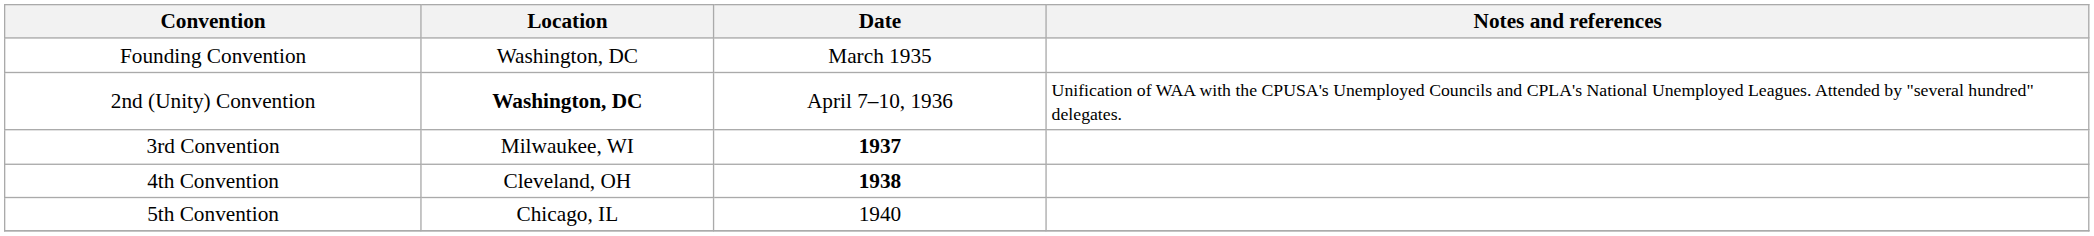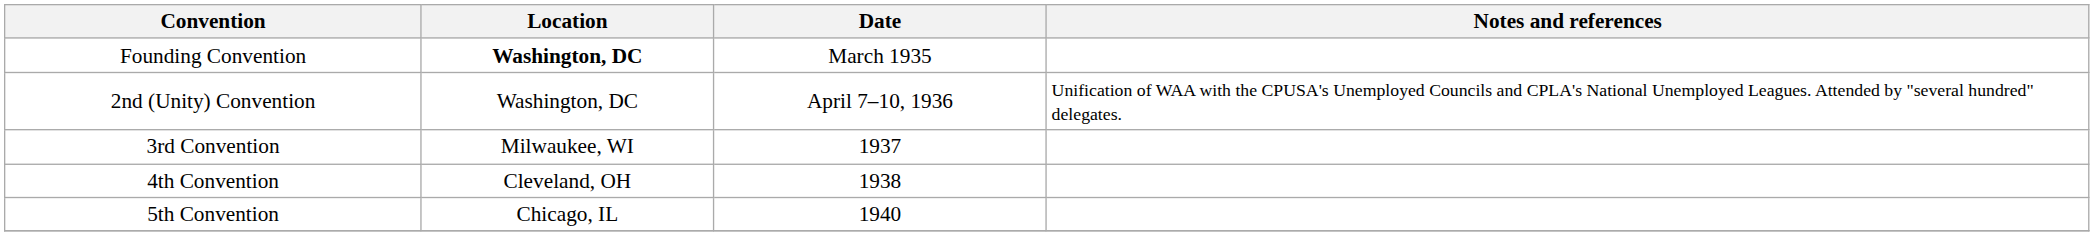 <table class="wikitable" style="background:white; text-align:center;">
 <tr>
 <th width=20%>Convention</th>
 <th width=14%>Location</th>
 <th width=16%>Date</th>
 <th>Notes and references</th>
 </tr>
 <tr>
 <td>Founding Convention</td>
-<td>Washington, DC</td>
+<td><strong>Washington, DC</strong></td>
 <td>March 1935</td>
 <td></td>
 </tr>
 <tr>
 <td>2nd (Unity) Convention</td>
-<td><strong>Washington, DC</strong></td>
+<td>Washington, DC</td>
 <td>April 7–10, 1936</td>
 <td style="text-align:left;"><small>Unification of WAA with the CPUSA's Unemployed Councils and CPLA's National Unemployed Leagues. Attended by "several hundred" delegates.</small></td>
 </tr>
 <tr>
 <td>3rd Convention</td>
 <td>Milwaukee, WI</td>
-<td><strong>1937</strong></td>
+<td>1937</td>
 <td></td>
 </tr>
 <tr>
 <td>4th Convention</td>
 <td>Cleveland, OH</td>
-<td><strong>1938</strong></td>
+<td>1938</td>
 <td></td>
 </tr>
 <tr>
 <td>5th Convention</td>
 <td>Chicago, IL</td>
 <td>1940</td>
 <td></td>
 </tr>
 <tr>
 </tr>
 </table>
